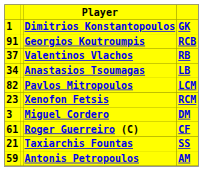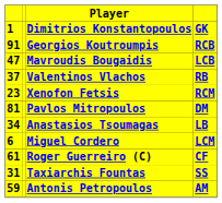 <table class="toccolours" border="0" cellpadding="2" cellspacing="0" align="center" style="margin: 0.5em 0 1em 1em; background: #000000; border: 1px #aaaaaa solid;">
 <tr bgcolor=#FFFF00>
 <th></th>
 <th></th>
 <th>Player</th>
 <th></th>
 </tr>
 <tr bgcolor=#FFFF00>
 <td><strong>1</strong></td>
 <td></td>
 <td><a href='#'><span><strong>Dimitrios Konstantopoulos</strong></span></a></td>
 <td><a href='#'><strong>GK</strong></a></td>
 </tr>
 <tr bgcolor=#FFFF00>
 <td><strong>91</strong></td>
 <td></td>
 <td><a href='#'><span><strong>Georgios Koutroumpis</strong></span></a></td>
 <td><a href='#'><strong>RCB</strong></a></td>
 </tr>
 <tr bgcolor=#FFFF00>
+<td><strong>47</strong></td>
+<td></td>
+<td><a href='#'><span><strong>Mavroudis Bougaidis</strong></span></a></td>
+<td><a href='#'><strong>LCB</strong></a></td>
+</tr>
+<tr bgcolor=#FFFF00>
 <td><strong>37</strong></td>
 <td></td>
 <td><a href='#'><span><strong>Valentinos Vlachos</strong></span></a></td>
 <td><a href='#'><strong>RB</strong></a></td>
+</tr>
+<tr bgcolor=#FFFF00>
+<td><strong>23</strong></td>
+<td></td>
+<td><a href='#'><span><strong>Xenofon Fetsis</strong></span></a></td>
+<td><a href='#'><strong>RCM</strong></a></td>
+</tr>
+<tr bgcolor=#FFFF00>
+<td><strong>81</strong></td>
+<td></td>
+<td><a href='#'><span><strong>Pavlos Mitropoulos</strong></span></a></td>
+<td><a href='#'><strong>DM</strong></a></td>
 </tr>
 <tr bgcolor=#FFFF00>
 <td><strong>34</strong></td>
 <td></td>
 <td><a href='#'><span><strong>Anastasios Tsoumagas</strong></span></a></td>
 <td><a href='#'><strong>LB</strong></a></td>
 </tr>
 <tr bgcolor=#FFFF00>
-<td><strong>82</strong></td>
-<td></td>
-<td><a href='#'><span><strong>Pavlos Mitropoulos</strong></span></a></td>
-<td><a href='#'><strong>LCM</strong></a></td>
-</tr>
-<tr bgcolor=#FFFF00>
-<td><strong>23</strong></td>
-<td></td>
-<td><a href='#'><span><strong>Xenofon Fetsis</strong></span></a></td>
-<td><a href='#'><strong>RCM</strong></a></td>
-</tr>
-<tr bgcolor=#FFFF00>
-<td><strong>3</strong></td>
+<td><strong>6</strong></td>
 <td></td>
 <td><a href='#'><span><strong>Miguel Cordero</strong></span></a></td>
-<td><a href='#'><strong>DM</strong></a></td>
+<td><a href='#'><strong>LCM</strong></a></td>
 </tr>
 <tr bgcolor=#FFFF00>
 <td><strong>61</strong></td>
 <td></td>
 <td><a href='#'><span><strong>Roger Guerreiro</strong></span></a> <strong>(C)</strong></td>
 <td><a href='#'><strong>CF</strong></a></td>
 </tr>
 <tr bgcolor=#FFFF00>
-<td><strong>21</strong></td>
+<td><strong>31</strong></td>
 <td></td>
 <td><a href='#'><span><strong>Taxiarchis Fountas</strong></span></a></td>
 <td><a href='#'><strong>SS</strong></a></td>
 </tr>
 <tr bgcolor=#FFFF00>
 <td><strong>59</strong></td>
 <td></td>
 <td><a href='#'><span><strong>Antonis Petropoulos</strong></span></a></td>
 <td><a href='#'><strong>AM</strong></a></td>
 </tr>
 </table>
